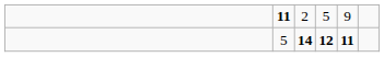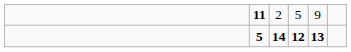 <table class="wikitable">
 <tr>
 <td style="width:18em"></td>
 <td align=center style="width:1em"><strong>11</strong></td>
 <td align=center style="width:1em">2</td>
 <td align=center style="width:1em">5</td>
 <td align=center style="width:1em">9</td>
 <td align=center style="width:1em"></td>
 </tr>
 <tr>
 <td style="width:18em"><strong></strong></td>
-<td align=center style="width:1em">5</td>
+<td align=center style="width:1em"><strong>5</strong></td>
 <td align=center style="width:1em"><strong>14</strong></td>
 <td align=center style="width:1em"><strong>12</strong></td>
-<td align=center style="width:1em"><strong>11</strong></td>
+<td align=center style="width:1em"><strong>13</strong></td>
 <td align=center style="width:1em"></td>
 </tr>
 </table>
